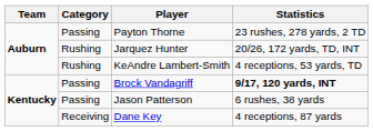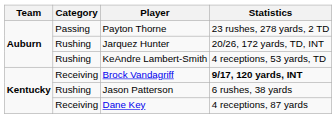 <table class="wikitable" style="float: right;">
 <tr>
 <th>Team</th>
 <th>Category</th>
 <th>Player</th>
 <th>Statistics</th>
 </tr>
 <tr>
 <td rowspan=3><strong>Auburn</strong></td>
 <td>Passing</td>
 <td>Payton Thorne</td>
 <td>23 rushes, 278 yards, 2 TD</td>
 </tr>
 <tr>
 <td>Rushing</td>
 <td>Jarquez Hunter</td>
 <td>20/26, 172 yards, TD, INT</td>
 </tr>
 <tr>
 <td>Rushing</td>
 <td>KeAndre Lambert-Smith</td>
 <td>4 receptions, 53 yards, TD</td>
 </tr>
 <tr>
 <td rowspan=3><strong>Kentucky</strong></td>
-<td>Passing</td>
+<td>Receiving</td>
 <td><a href='#'>Brock Vandagriff</a></td>
 <td><strong>9/17, 120 yards, INT</strong></td>
 </tr>
 <tr>
-<td>Passing</td>
+<td>Rushing</td>
 <td>Jason Patterson</td>
 <td>6 rushes, 38 yards</td>
 </tr>
 <tr>
 <td>Receiving</td>
 <td><a href='#'>Dane Key</a></td>
 <td>4 receptions, 87 yards</td>
 </tr>
 </table>
